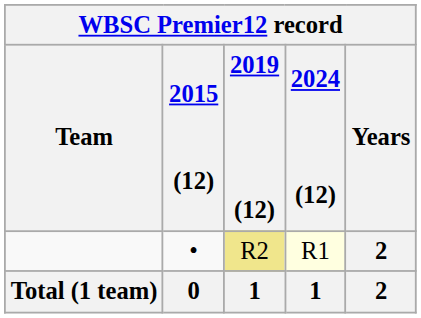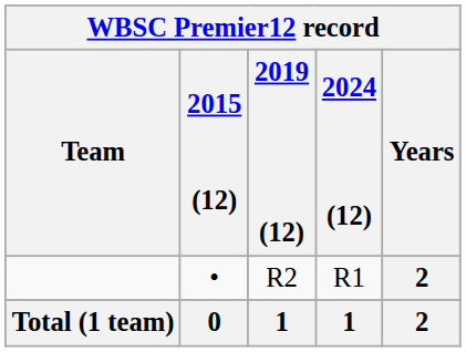 <table class="wikitable" style="text-align:center; font-size:85%;">
 <tr>
 <th colspan=26><a href='#'>WBSC Premier12</a> record</th>
 </tr>
 <tr>
 <th>Team</th>
 <th><a href='#'>2015</a><br><br><br>(12)</th>
 <th><a href='#'>2019</a><br><br><br><br><br>(12)</th>
 <th><a href='#'>2024</a><br><br><br><br>(12)</th>
 <th>Years</th>
 </tr>
 <tr>
 <td align=left></td>
 <td>•</td>
-<td style="background: khaki;">R2</td>
-<td style="background: lightyellow;">R1<br></td>
+<td>R2</td>
+<td>R1<br></td>
 <th>2</th>
 </tr>
 <tr>
 <th>Total (1 team)</th>
 <th>0</th>
 <th>1</th>
 <th>1</th>
 <th>2</th>
 </tr>
 </table>
